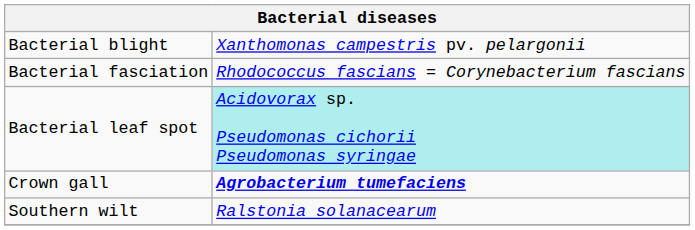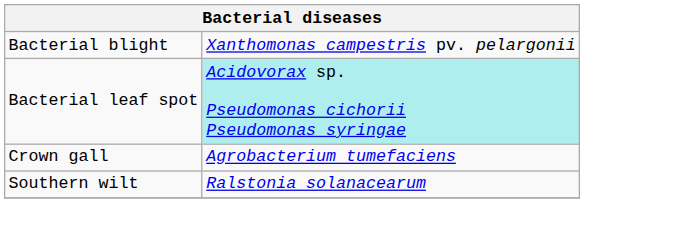 <table class="wikitable" style="clear">
 <tr>
 <th colspan=2><strong>Bacterial diseases</strong><br></th>
 </tr>
 <tr>
 <td>Bacterial blight</td>
 <td><em><a href='#'>Xanthomonas campestris</a></em> pv. <em>pelargonii</em></td>
 </tr>
 <tr>
-<td>Bacterial fasciation</td>
-<td><em><a href='#'>Rhodococcus fascians</a></em> = <em>Corynebacterium fascians</em></td>
-</tr>
-<tr>
 <td>Bacterial leaf spot</td>
 <td style="background: paleturquoise;"><em><a href='#'>Acidovorax</a></em> sp. <br><br><em><a href='#'>Pseudomonas cichorii</a></em> <br> <em><a href='#'>Pseudomonas syringae</a></em></td>
 </tr>
 <tr>
 <td>Crown gall</td>
-<td><strong><em><a href='#'>Agrobacterium tumefaciens</a></em></strong></td>
+<td><em><a href='#'>Agrobacterium tumefaciens</a></em></td>
 </tr>
 <tr>
 <td>Southern wilt</td>
 <td><em><a href='#'>Ralstonia solanacearum</a></em></td>
 </tr>
 <tr>
 </tr>
 </table>
